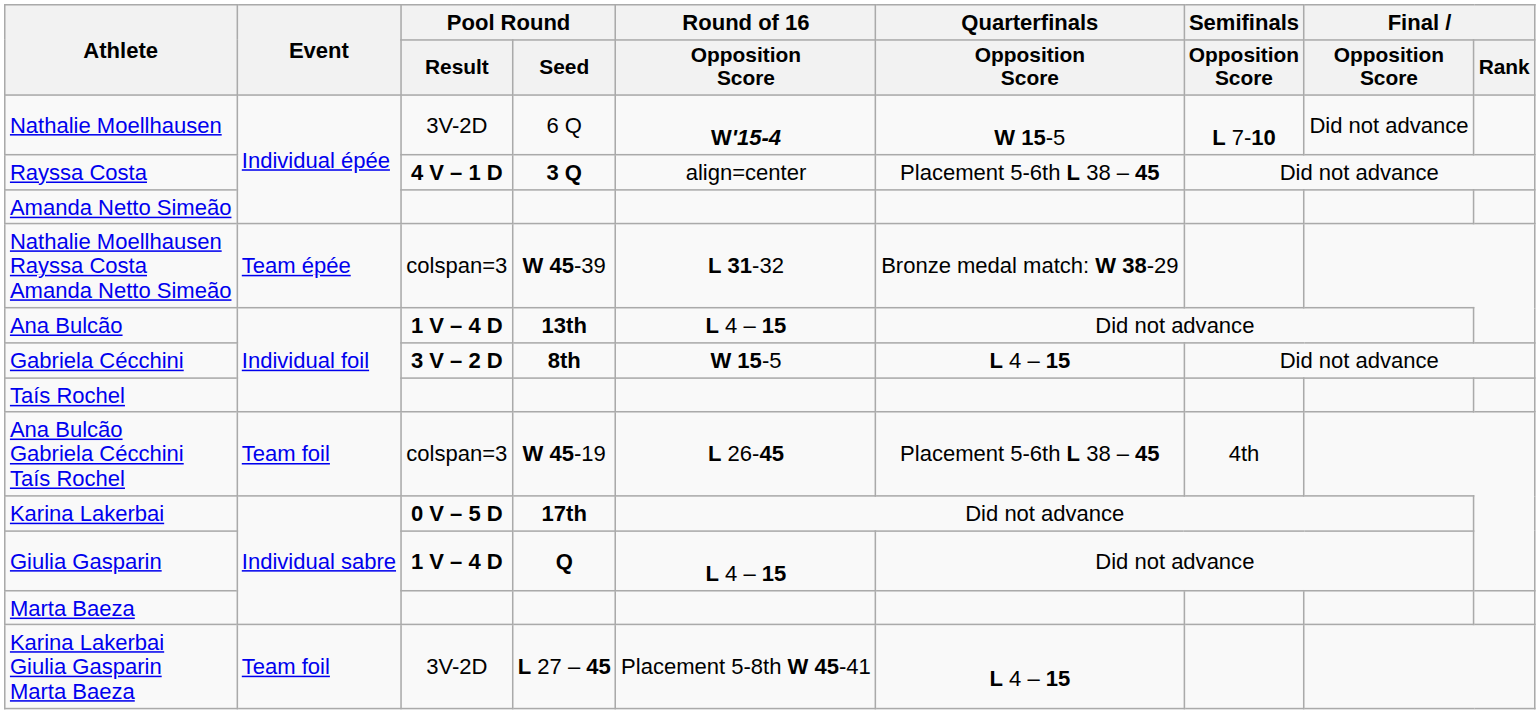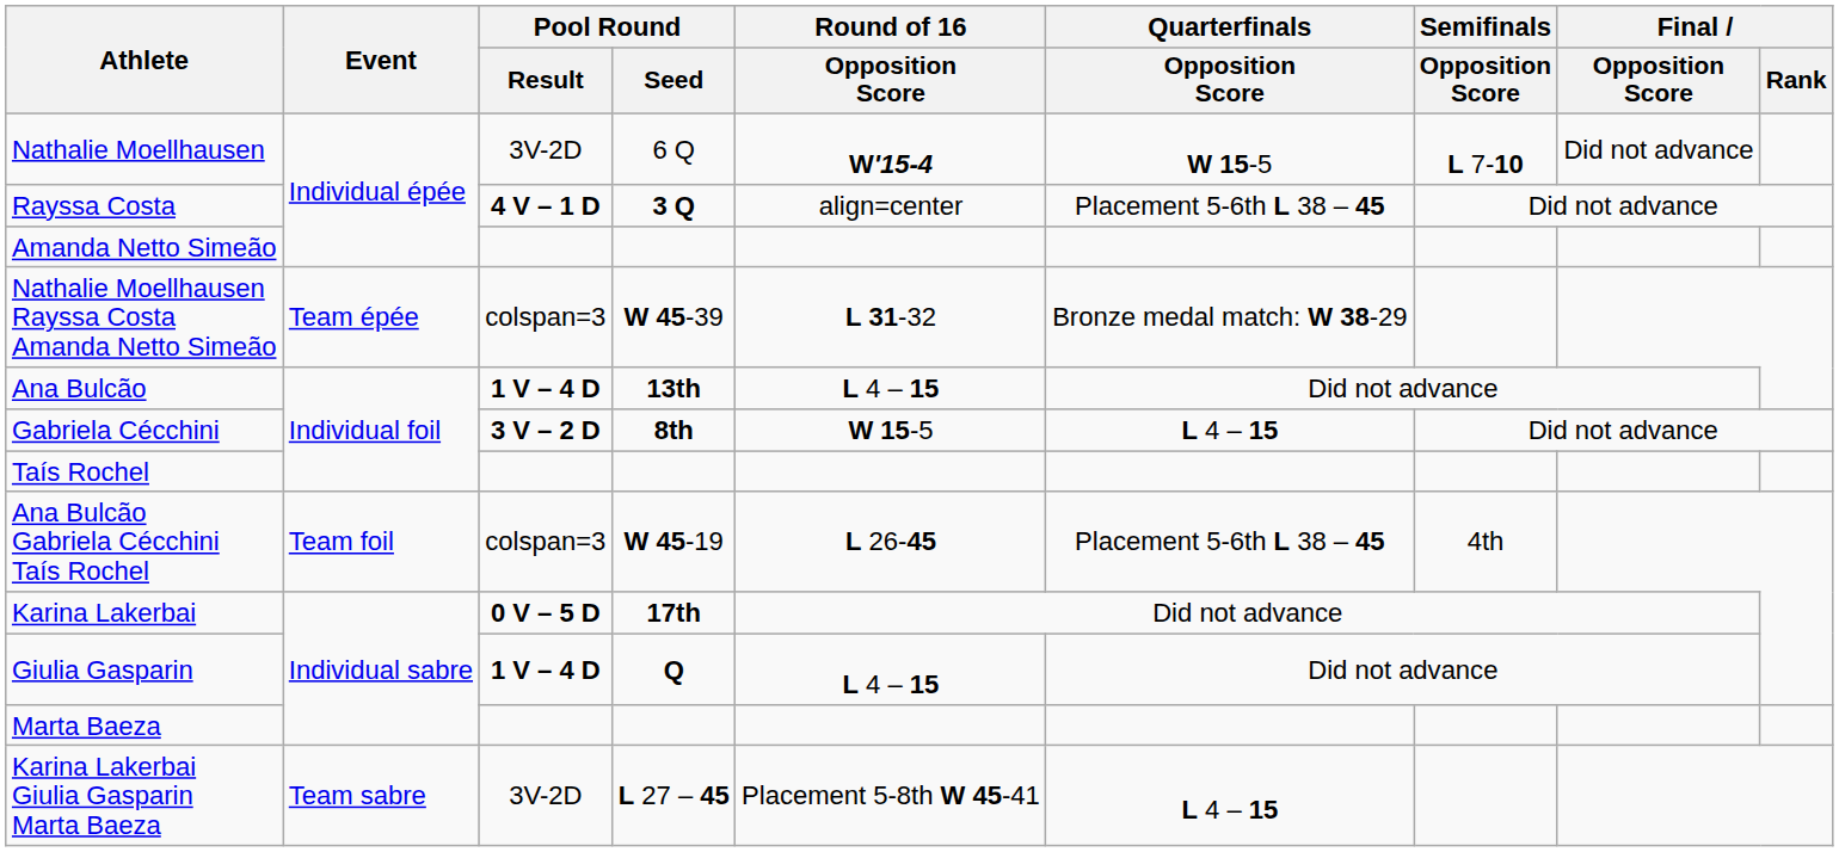 <table class=wikitable style="font-size:90%">
 <tr>
 <th rowspan="2">Athlete</th>
 <th rowspan="2">Event</th>
 <th colspan=2>Pool Round</th>
 <th>Round of 16</th>
 <th>Quarterfinals</th>
 <th>Semifinals</th>
 <th colspan=2>Final / </th>
 </tr>
 <tr style="font-size:95%">
 <th>Result</th>
 <th>Seed</th>
 <th>Opposition<br>Score</th>
 <th>Opposition<br>Score</th>
 <th>Opposition<br>Score</th>
 <th>Opposition<br>Score</th>
 <th>Rank</th>
 </tr>
 <tr align=center>
 <td align=left><a href='#'>Nathalie Moellhausen</a></td>
 <td align=left rowspan=3><a href='#'>Individual épée</a></td>
 <td>3V-2D</td>
 <td>6 Q</td>
 <td><br><strong>W<strong><em>'15</strong>-4</td>
 <td><br><strong>W</strong> <strong>15</strong>-5</td>
 <td><br> <strong>L</strong> 7-<strong>10</strong></td>
 <td>Did not advance</td>
 <td></td>
 </tr>
 <tr align=center>
 <td align=left><a href='#'>Rayssa Costa</a></td>
 <td align=center><strong>4 V – 1 D</strong></td>
 <td align=center><strong>3 Q</strong></td>
 <td>align=center</td>
 <td>Placement 5-6th  <strong>L</strong> 38 – <strong>45</strong></td>
 <td align=center colspan=3>Did not advance</td>
 </tr>
 <tr align=center>
 <td align=left><a href='#'>Amanda Netto Simeão</a></td>
 <td></td>
 <td></td>
 <td></td>
 <td></td>
 <td></td>
 <td></td>
 <td></td>
 </tr>
 <tr align=center>
 <td align=left><a href='#'>Nathalie Moellhausen</a><br><a href='#'>Rayssa Costa</a><br><a href='#'>Amanda Netto Simeão</a></td>
 <td align=left><a href='#'>Team épée</a></td>
 <td>colspan=3 </td>
 <td> <strong>W</strong> <strong>45</strong>-39</td>
 <td><strong>L</strong> <strong>31</strong>-32</td>
 <td>Bronze medal match: <strong>W</strong> <strong>38</strong>-29</td>
 <td></td>
 </tr>
 <tr align=center>
 <td align=left><a href='#'>Ana Bulcão</a></td>
 <td align=left rowspan=3><a href='#'>Individual foil</a></td>
 <td align=center><strong>1 V – 4 D</strong></td>
 <td align=center><strong>13th</strong></td>
 <td><strong>L</strong> 4 – <strong>15</strong></td>
 <td align=center colspan=3>Did not advance</td>
 </tr>
 <tr align=center>
 <td align=left><a href='#'>Gabriela Cécchini</a></td>
 <td align=center><strong>3 V – 2 D</strong></td>
 <td align=center><strong>8th</strong></td>
 <td><strong>W</strong> <strong>15</strong>-5</td>
 <td><strong>L</strong> 4 – <strong>15</strong></td>
 <td align=center colspan=3>Did not advance</td>
 </tr>
 <tr align=center>
 <td align=left><a href='#'>Taís Rochel</a></td>
 <td></td>
 <td></td>
 <td></td>
 <td></td>
 <td></td>
 <td></td>
 <td></td>
 </tr>
 <tr align=center>
 <td align=left><a href='#'>Ana Bulcão</a><br><a href='#'>Gabriela Cécchini</a><br><a href='#'>Taís Rochel</a></td>
 <td align=left><a href='#'>Team foil</a></td>
 <td>colspan=3 </td>
 <td> <strong>W</strong> <strong>45</strong>-19</td>
 <td> <strong>L</strong> 26-<strong>45</strong></td>
 <td>Placement 5-6th  <strong>L</strong> 38 – <strong>45</strong></td>
 <td>4th</td>
 </tr>
 <tr align=center>
 <td align=left><a href='#'>Karina Lakerbai</a></td>
 <td align=left rowspan=3><a href='#'>Individual sabre</a></td>
 <td align=center><strong>0 V – 5 D</strong></td>
 <td align=center><strong>17th</strong></td>
 <td align=center colspan=4>Did not advance</td>
 </tr>
 <tr align=center>
 <td align=left><a href='#'>Giulia Gasparin</a></td>
 <td align=center><strong>1 V – 4 D</strong></td>
 <td align=center><strong>Q</strong></td>
 <td align=center><br><strong>L</strong> 4 – <strong>15</strong></td>
 <td align=center colspan=3>Did not advance</td>
 </tr>
 <tr align=center>
 <td align=left><a href='#'>Marta Baeza</a></td>
 <td></td>
 <td></td>
 <td></td>
 <td></td>
 <td></td>
 <td></td>
 <td></td>
 </tr>
 <tr align=center>
 <td align=left><a href='#'>Karina Lakerbai</a><br><a href='#'>Giulia Gasparin</a><br><a href='#'>Marta Baeza</a></td>
-<td align=left><a href='#'>Team foil</a></td>
+<td align=left><a href='#'>Team sabre</a></td>
 <td>3V-2D</td>
 <td> <strong>L</strong> 27 – <strong>45</strong></td>
 <td>Placement 5-8th  <strong>W</strong> <strong>45</strong>-41</td>
 <td><br><strong>L</strong> 4 – <strong>15</strong></td>
 <td></td>
 </tr>
 </table>
